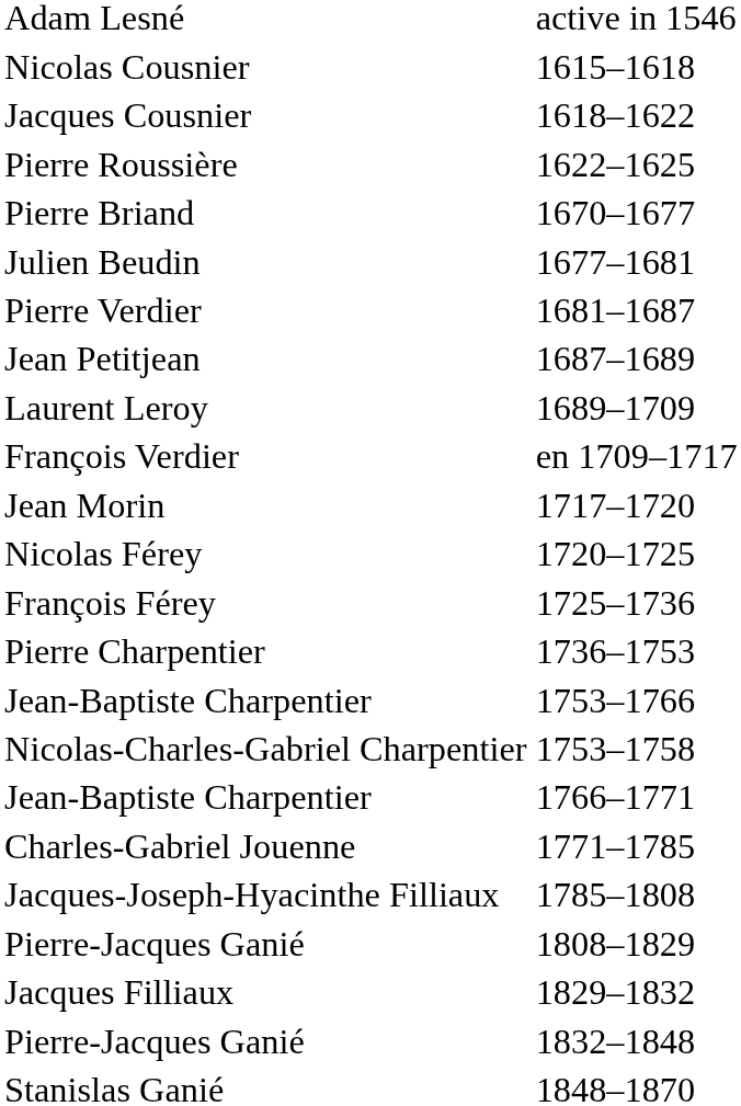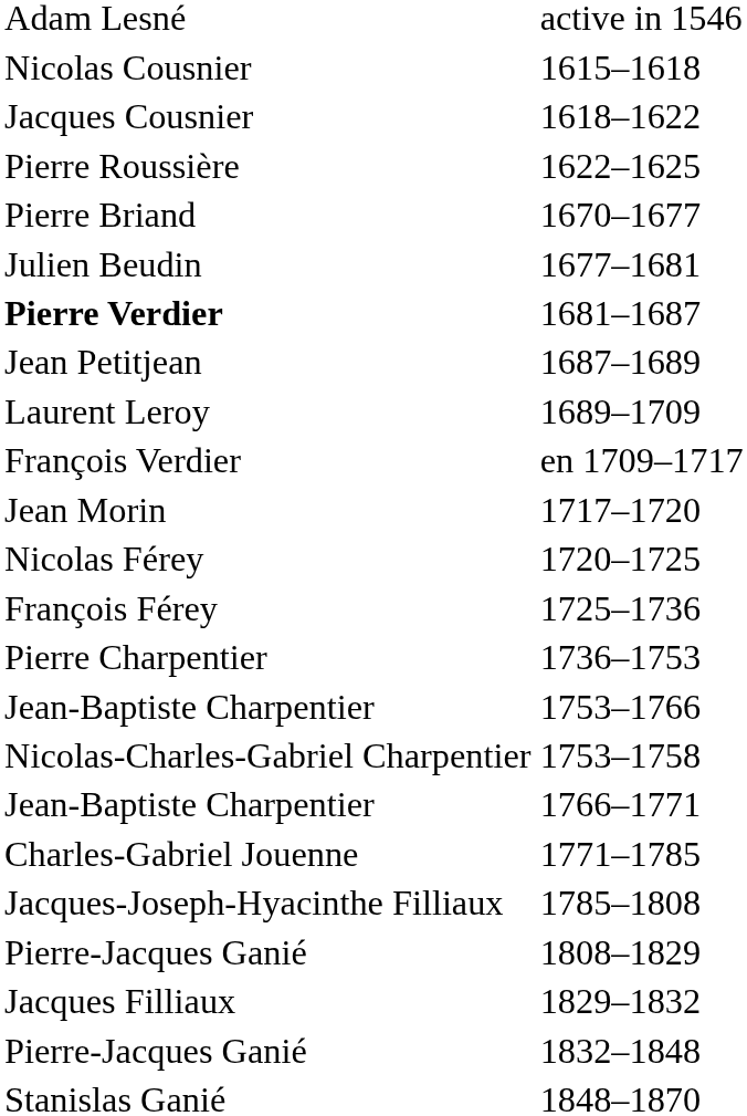 <table>
 <tr>
 <td>Adam Lesné</td>
 <td>active in 1546</td>
 </tr>
 <tr>
 <td>Nicolas Cousnier</td>
 <td>1615–1618</td>
 </tr>
 <tr>
 <td>Jacques Cousnier</td>
 <td>1618–1622</td>
 </tr>
 <tr>
 <td>Pierre Roussière</td>
 <td>1622–1625</td>
 </tr>
 <tr>
 <td>Pierre Briand</td>
 <td>1670–1677</td>
 </tr>
 <tr>
 <td>Julien Beudin</td>
 <td>1677–1681</td>
 </tr>
 <tr>
-<td>Pierre Verdier</td>
+<td><strong>Pierre Verdier</strong></td>
 <td>1681–1687</td>
 </tr>
 <tr>
 <td>Jean Petitjean</td>
 <td>1687–1689</td>
 </tr>
 <tr>
 <td>Laurent Leroy</td>
 <td>1689–1709</td>
 </tr>
 <tr>
 <td>François Verdier</td>
 <td>en 1709–1717</td>
 </tr>
 <tr>
 <td>Jean Morin</td>
 <td>1717–1720</td>
 </tr>
 <tr>
 <td>Nicolas Férey</td>
 <td>1720–1725</td>
 </tr>
 <tr>
 <td>François Férey</td>
 <td>1725–1736</td>
 </tr>
 <tr>
 <td>Pierre Charpentier</td>
 <td>1736–1753</td>
 </tr>
 <tr>
 <td>Jean-Baptiste Charpentier</td>
 <td>1753–1766</td>
 </tr>
 <tr>
 <td>Nicolas-Charles-Gabriel Charpentier</td>
 <td>1753–1758</td>
 </tr>
 <tr>
 <td>Jean-Baptiste Charpentier</td>
 <td>1766–1771</td>
 </tr>
 <tr>
 <td>Charles-Gabriel Jouenne</td>
 <td>1771–1785</td>
 </tr>
 <tr>
 <td>Jacques-Joseph-Hyacinthe Filliaux</td>
 <td>1785–1808</td>
 </tr>
 <tr>
 <td>Pierre-Jacques Ganié</td>
 <td>1808–1829</td>
 </tr>
 <tr>
 <td>Jacques Filliaux</td>
 <td>1829–1832</td>
 </tr>
 <tr>
 <td>Pierre-Jacques Ganié</td>
 <td>1832–1848</td>
 </tr>
 <tr>
 <td>Stanislas Ganié</td>
 <td>1848–1870</td>
 </tr>
 </table>
